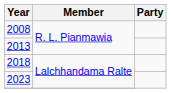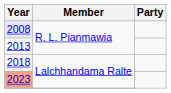 <table class="wikitable sortable">
 <tr>
 <th>Year</th>
 <th>Member</th>
 <th colspan=2>Party</th>
 </tr>
 <tr>
-<td><a href='#'>2008</a></td>
+<td style="background: lavender;"><a href='#'>2008</a></td>
 <td rowspan=2><a href='#'>R. L. Pianmawia</a></td>
 <td></td>
 </tr>
 <tr>
 <td><a href='#'>2013</a></td>
 </tr>
 <tr>
 <td><a href='#'>2018</a></td>
 <td rowspan=2><a href='#'>Lalchhandama Ralte</a></td>
 <td></td>
 </tr>
 <tr>
-<td><a href='#'>2023</a></td>
+<td style="background: lightsalmon;"><a href='#'>2023</a></td>
 </tr>
 <tr>
 </tr>
 </table>
